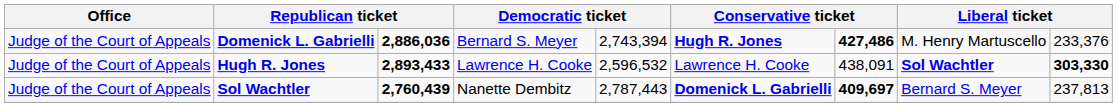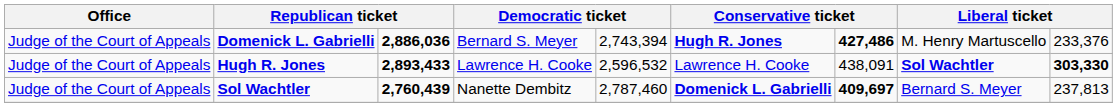 <table class=wikitable>
 <tr bgcolor=lightgrey>
 <th>Office</th>
 <th colspan="2" ><a href='#'>Republican</a> ticket</th>
 <th colspan="2" ><a href='#'>Democratic</a> ticket</th>
 <th colspan="2" ><a href='#'>Conservative</a> ticket</th>
 <th colspan="2" ><a href='#'>Liberal</a> ticket</th>
 </tr>
 <tr>
 <td><a href='#'>Judge of the Court of Appeals</a></td>
 <td><strong><a href='#'>Domenick L. Gabrielli</a></strong></td>
 <td align="right"><strong>2,886,036</strong></td>
 <td><a href='#'>Bernard S. Meyer</a></td>
 <td align="right">2,743,394</td>
 <td><strong><a href='#'>Hugh R. Jones</a></strong></td>
 <td align="right"><strong>427,486</strong></td>
 <td>M. Henry Martuscello</td>
 <td align="right">233,376</td>
 </tr>
 <tr>
 <td><a href='#'>Judge of the Court of Appeals</a></td>
 <td><strong><a href='#'>Hugh R. Jones</a></strong></td>
 <td align="right"><strong>2,893,433</strong></td>
 <td><a href='#'>Lawrence H. Cooke</a></td>
 <td align="right">2,596,532</td>
 <td><a href='#'>Lawrence H. Cooke</a></td>
 <td align="right">438,091</td>
 <td><strong><a href='#'>Sol Wachtler</a></strong></td>
 <td align="right"><strong>303,330</strong></td>
 </tr>
 <tr>
 <td><a href='#'>Judge of the Court of Appeals</a></td>
 <td><strong><a href='#'>Sol Wachtler</a></strong></td>
 <td align="right"><strong>2,760,439</strong></td>
 <td>Nanette Dembitz</td>
-<td align="right">2,787,443</td>
+<td align="right">2,787,460</td>
 <td><strong><a href='#'>Domenick L. Gabrielli</a></strong></td>
 <td align="right"><strong>409,697</strong></td>
 <td><a href='#'>Bernard S. Meyer</a></td>
 <td align="right">237,813</td>
 </tr>
 <tr>
 </tr>
 </table>
